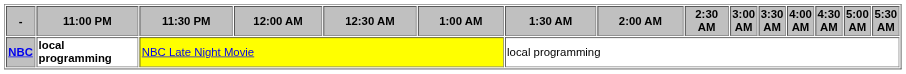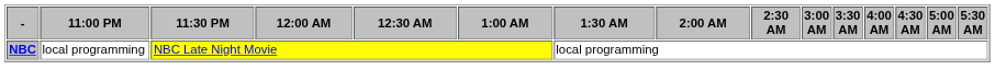 <table border="1" cellpadding="2">
 <tr>
 <th bgcolor="#C0C0C0">-</th>
 <th width="13%" bgcolor="#C0C0C0">11:00 PM</th>
 <th width="14%" bgcolor="#C0C0C0">11:30 PM</th>
 <th width="13%" bgcolor="#C0C0C0">12:00 AM</th>
 <th width="14%" bgcolor="#C0C0C0">12:30 AM</th>
 <th width="13%" bgcolor="#C0C0C0">1:00 AM</th>
 <th width="14%" bgcolor="#C0C0C0">1:30 AM</th>
 <th width="13%" bgcolor="#C0C0C0">2:00 AM</th>
 <th width="14%" bgcolor="#C0C0C0">2:30 AM</th>
 <th width="13%" bgcolor="#C0C0C0">3:00 AM</th>
 <th width="14%" bgcolor="#C0C0C0">3:30 AM</th>
 <th width="13%" bgcolor="#C0C0C0">4:00 AM</th>
 <th width="14%" bgcolor="#C0C0C0">4:30 AM</th>
 <th width="13%" bgcolor="#C0C0C0">5:00 AM</th>
 <th width="14%" bgcolor="#C0C0C0">5:30 AM</th>
 </tr>
 <tr>
 <th bgcolor="#C0C0C0"><a href='#'>NBC</a></th>
-<td bgcolor="white"><strong>local programming</strong></td>
+<td bgcolor="white">local programming</td>
 <td bgcolor="yellow" colspan="4"><a href='#'>NBC Late Night Movie</a></td>
 <td bgcolor="white" colspan="9">local programming</td>
 </tr>
 </table>
